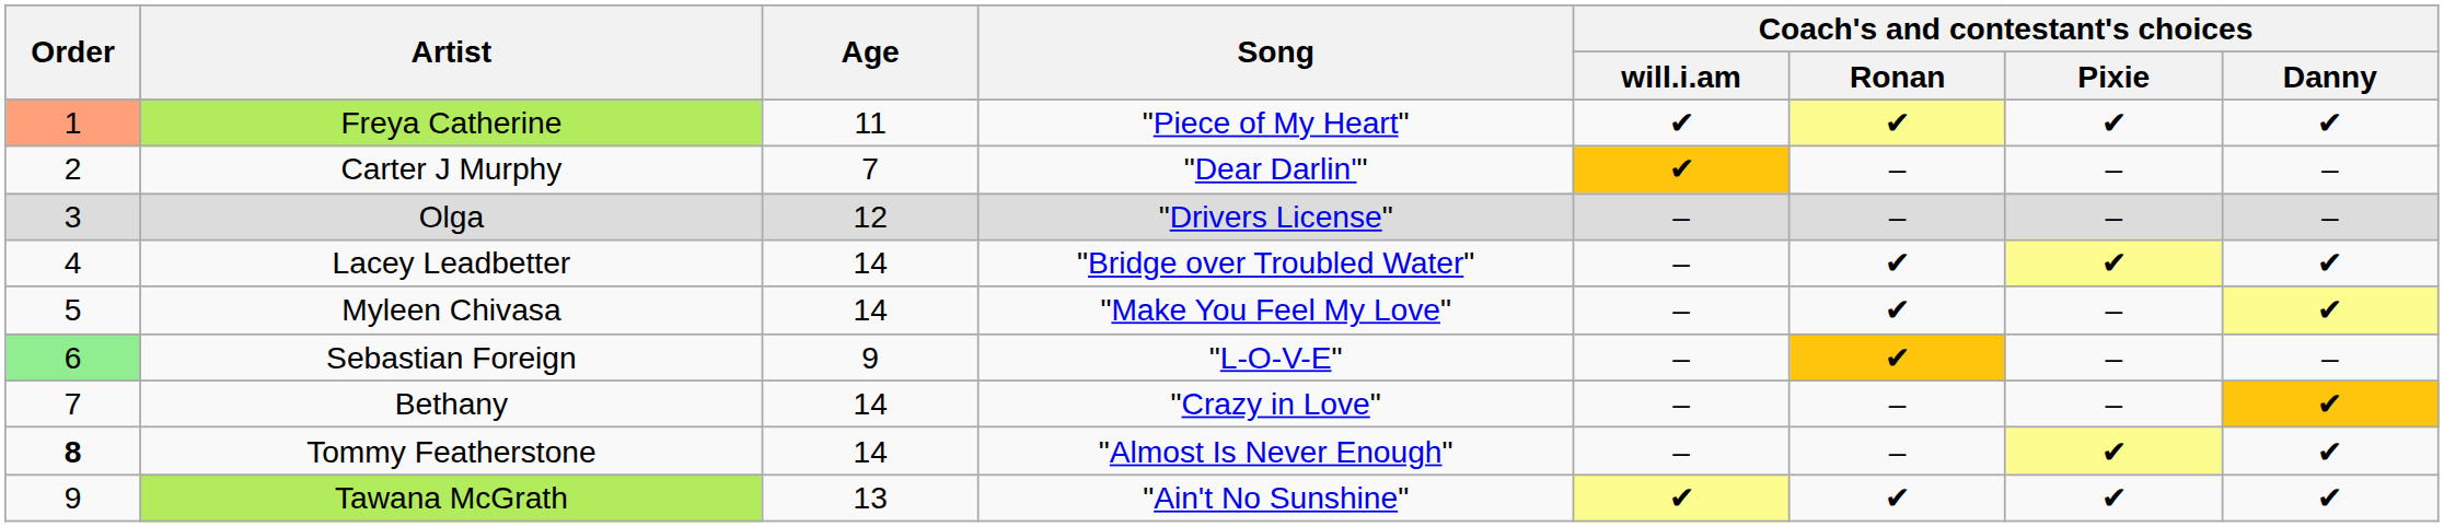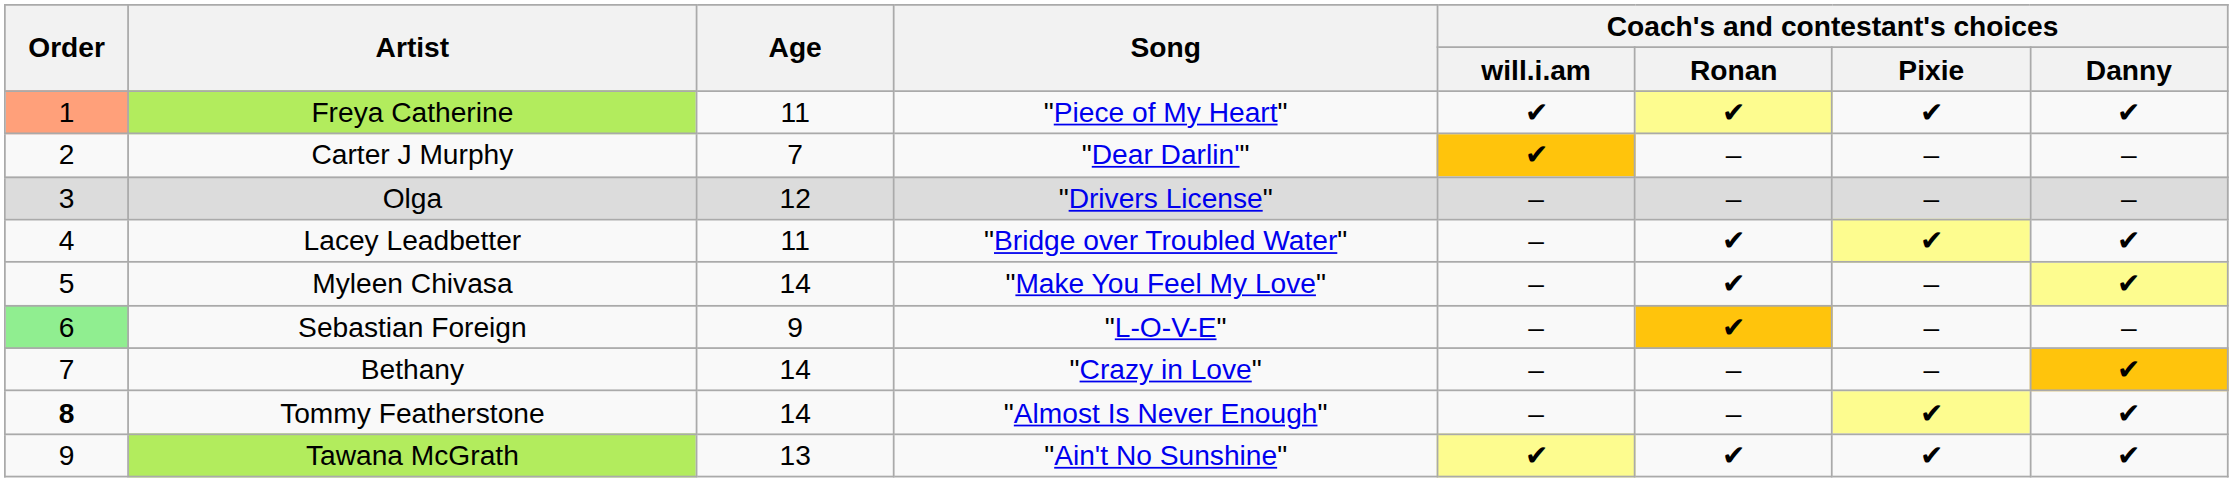 <table class="wikitable" style="text-align:center; line-height:17px; font-size:100%; width:100%">
 <tr>
 <th scope="col" rowspan="2" width="05%">Order</th>
 <th scope="col" rowspan="2" width="23%">Artist</th>
 <th scope="col" rowspan="2" width="08%">Age</th>
 <th scope="col" rowspan="2" width="22%">Song</th>
 <th scope="col" colspan="4" width="24%">Coach's and contestant's choices</th>
 </tr>
 <tr>
 <th width="8%">will.i.am</th>
 <th width="8%">Ronan</th>
 <th width="8%">Pixie</th>
 <th width="8%">Danny</th>
 </tr>
 <tr>
 <td style="background: lightsalmon;">1</td>
 <td style="background-color:#B2EC5D;">Freya Catherine</td>
 <td>11</td>
 <td>"<a href='#'>Piece of My Heart</a>"</td>
 <td>✔</td>
 <td style="background:#fdfc8f">✔</td>
 <td>✔</td>
 <td>✔</td>
 </tr>
 <tr>
 <td>2</td>
 <td>Carter J Murphy</td>
 <td>7</td>
 <td>"<a href='#'>Dear Darlin'</a>"</td>
 <td style="background:#FFC40C">✔</td>
 <td>–</td>
 <td>–</td>
 <td>–</td>
 </tr>
 <tr bgcolor="#dcdcdc">
 <td>3</td>
 <td>Olga</td>
 <td>12</td>
 <td>"<a href='#'>Drivers License</a>"</td>
 <td>–</td>
 <td>–</td>
 <td>–</td>
 <td>–</td>
 </tr>
 <tr>
 <td>4</td>
 <td>Lacey Leadbetter</td>
-<td>14</td>
+<td>11</td>
 <td>"<a href='#'>Bridge over Troubled Water</a>"</td>
 <td>–</td>
 <td>✔</td>
 <td style="background:#fdfc8f">✔</td>
 <td>✔</td>
 </tr>
 <tr>
 <td>5</td>
 <td>Myleen Chivasa</td>
 <td>14</td>
 <td>"<a href='#'>Make You Feel My Love</a>"</td>
 <td>–</td>
 <td>✔</td>
 <td>–</td>
 <td style="background:#fdfc8f">✔</td>
 </tr>
 <tr>
 <td style="background: lightgreen;">6</td>
 <td>Sebastian Foreign</td>
 <td>9</td>
 <td>"<a href='#'>L-O-V-E</a>"</td>
 <td>–</td>
 <td style="background:#FFC40C">✔</td>
 <td>–</td>
 <td>–</td>
 </tr>
 <tr>
 <td>7</td>
 <td>Bethany</td>
 <td>14</td>
 <td>"<a href='#'>Crazy in Love</a>"</td>
 <td>–</td>
 <td>–</td>
 <td>–</td>
 <td style="background:#FFC40C">✔</td>
 </tr>
 <tr>
 <td><strong>8</strong></td>
 <td>Tommy Featherstone</td>
 <td>14</td>
 <td>"<a href='#'>Almost Is Never Enough</a>"</td>
 <td>–</td>
 <td>–</td>
 <td style="background:#fdfc8f">✔</td>
 <td>✔</td>
 </tr>
 <tr>
 <td>9</td>
 <td style="background-color:#B2EC5D;">Tawana McGrath</td>
 <td>13</td>
 <td>"<a href='#'>Ain't No Sunshine</a>"</td>
 <td style="background:#fdfc8f">✔</td>
 <td>✔</td>
 <td>✔</td>
 <td>✔</td>
 </tr>
 </table>
